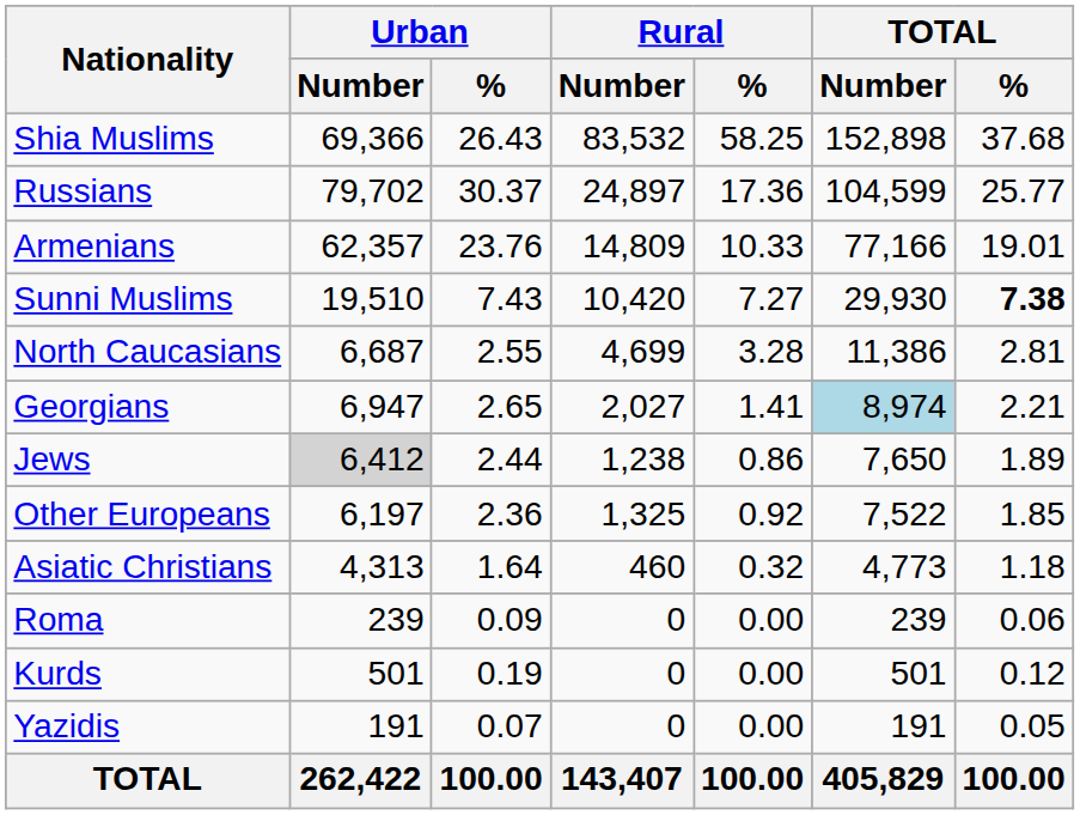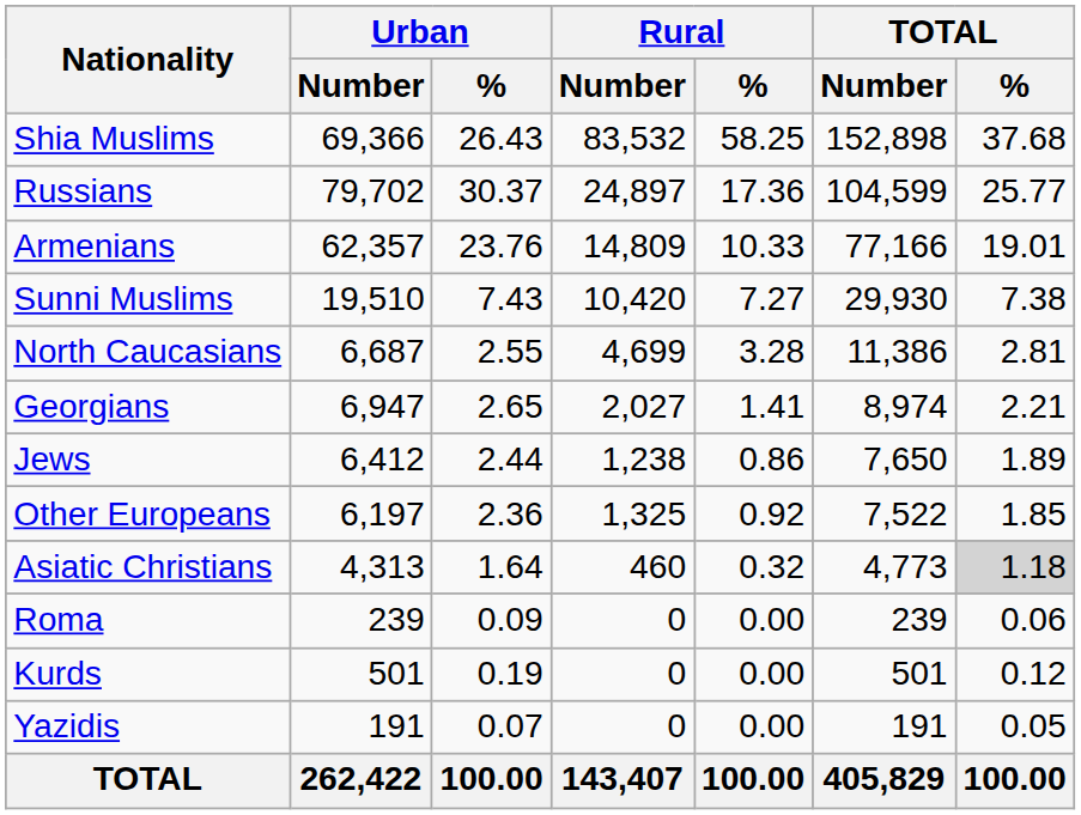 <table class="wikitable sortable">
 <tr>
 <th rowspan="2">Nationality</th>
 <th colspan="2"><a href='#'>Urban</a></th>
 <th colspan="2"><a href='#'>Rural</a></th>
 <th colspan="2">TOTAL</th>
 </tr>
 <tr>
 <th>Number</th>
 <th>%</th>
 <th>Number</th>
 <th>%</th>
 <th>Number</th>
 <th>%</th>
 </tr>
 <tr>
 <td><a href='#'>Shia Muslims</a></td>
 <td align="right">69,366</td>
 <td align="right">26.43</td>
 <td align="right">83,532</td>
 <td align="right">58.25</td>
 <td align="right">152,898</td>
 <td align="right">37.68</td>
 </tr>
 <tr>
 <td><a href='#'>Russians</a></td>
 <td align="right">79,702</td>
 <td align="right">30.37</td>
 <td align="right">24,897</td>
 <td align="right">17.36</td>
 <td align="right">104,599</td>
 <td align="right">25.77</td>
 </tr>
 <tr>
 <td><a href='#'>Armenians</a></td>
 <td align="right">62,357</td>
 <td align="right">23.76</td>
 <td align="right">14,809</td>
 <td align="right">10.33</td>
 <td align="right">77,166</td>
 <td align="right">19.01</td>
 </tr>
 <tr>
 <td><a href='#'>Sunni Muslims</a></td>
 <td align="right">19,510</td>
 <td align="right">7.43</td>
 <td align="right">10,420</td>
 <td align="right">7.27</td>
 <td align="right">29,930</td>
-<td align="right"><strong>7.38</strong></td>
+<td align="right">7.38</td>
 </tr>
 <tr>
 <td><a href='#'>North Caucasians</a></td>
 <td align="right">6,687</td>
 <td align="right">2.55</td>
 <td align="right">4,699</td>
 <td align="right">3.28</td>
 <td align="right">11,386</td>
 <td align="right">2.81</td>
 </tr>
 <tr>
 <td><a href='#'>Georgians</a></td>
 <td align="right">6,947</td>
 <td align="right">2.65</td>
 <td align="right">2,027</td>
 <td align="right">1.41</td>
-<td align="right" style="background: lightblue;">8,974</td>
+<td align="right">8,974</td>
 <td align="right">2.21</td>
 </tr>
 <tr>
 <td><a href='#'>Jews</a></td>
-<td align="right" style="background: lightgrey;">6,412</td>
+<td align="right">6,412</td>
 <td align="right">2.44</td>
 <td align="right">1,238</td>
 <td align="right">0.86</td>
 <td align="right">7,650</td>
 <td align="right">1.89</td>
 </tr>
 <tr>
 <td><a href='#'>Other Europeans</a></td>
 <td align="right">6,197</td>
 <td align="right">2.36</td>
 <td align="right">1,325</td>
 <td align="right">0.92</td>
 <td align="right">7,522</td>
 <td align="right">1.85</td>
 </tr>
 <tr>
 <td><a href='#'>Asiatic Christians</a></td>
 <td align="right">4,313</td>
 <td align="right">1.64</td>
 <td align="right">460</td>
 <td align="right">0.32</td>
 <td align="right">4,773</td>
-<td align="right">1.18</td>
+<td align="right" style="background: lightgrey;">1.18</td>
 </tr>
 <tr>
 <td><a href='#'>Roma</a></td>
 <td align="right">239</td>
 <td align="right">0.09</td>
 <td align="right">0</td>
 <td align="right">0.00</td>
 <td align="right">239</td>
 <td align="right">0.06</td>
 </tr>
 <tr>
 <td><a href='#'>Kurds</a></td>
 <td align="right">501</td>
 <td align="right">0.19</td>
 <td align="right">0</td>
 <td align="right">0.00</td>
 <td align="right">501</td>
 <td align="right">0.12</td>
 </tr>
 <tr>
 <td><a href='#'>Yazidis</a></td>
 <td align="right">191</td>
 <td align="right">0.07</td>
 <td align="right">0</td>
 <td align="right">0.00</td>
 <td align="right">191</td>
 <td align="right">0.05</td>
 </tr>
 <tr>
 <th>TOTAL</th>
 <th>262,422</th>
 <th>100.00</th>
 <th>143,407</th>
 <th>100.00</th>
 <th>405,829</th>
 <th>100.00</th>
 </tr>
 </table>
